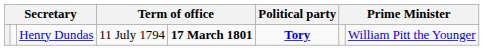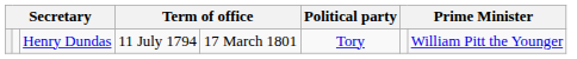 <table class="wikitable" style="text-align:center">
 <tr>
 <th colspan=3>Secretary</th>
 <th colspan=2>Term of office</th>
 <th>Political party</th>
 <th colspan=2>Prime Minister</th>
 </tr>
 <tr style="height:1em">
 <th style="background-color:"></th>
 <td></td>
 <td><a href='#'>Henry Dundas</a><br></td>
 <td>11 July 1794</td>
-<td><strong>17 March 1801</strong></td>
-<td><strong><a href='#'>Tory</a></strong></td>
+<td>17 March 1801</td>
+<td><a href='#'>Tory</a></td>
 <td style="background-color:"></td>
 <td><a href='#'>William Pitt the Younger</a></td>
 </tr>
 </table>
